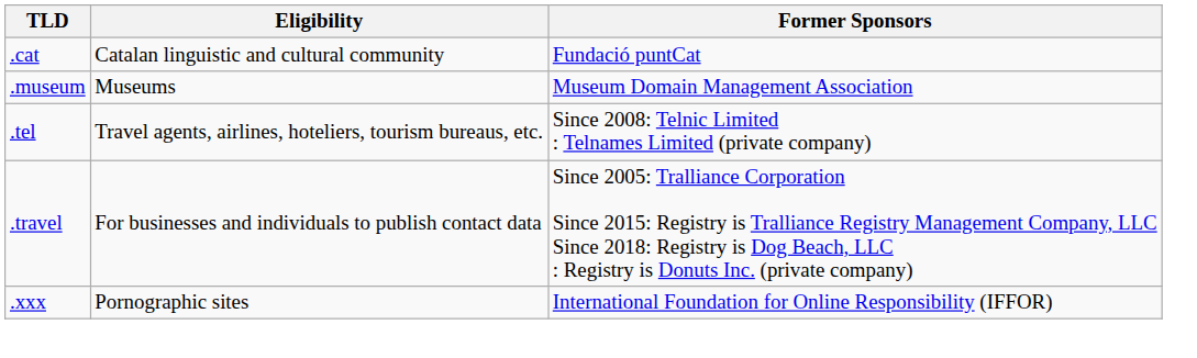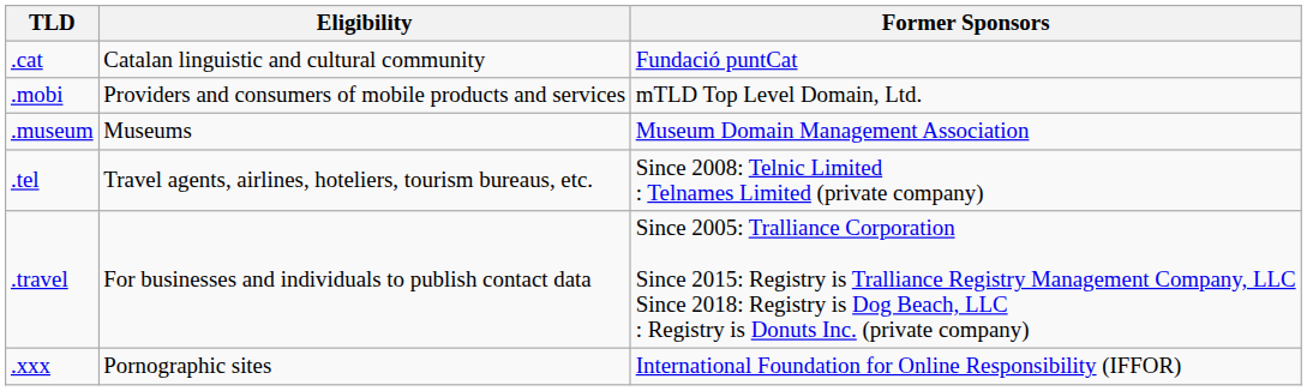 <table class="wikitable">
 <tr>
 <th>TLD</th>
 <th>Eligibility</th>
 <th>Former Sponsors</th>
 </tr>
 <tr>
 <td><a href='#'>.cat</a></td>
 <td>Catalan linguistic and cultural community</td>
 <td><a href='#'>Fundació puntCat</a></td>
+</tr>
+<tr>
+<td><a href='#'>.mobi</a></td>
+<td>Providers and consumers of mobile products and services</td>
+<td>mTLD Top Level Domain, Ltd.</td>
 </tr>
 <tr>
 <td><a href='#'>.museum</a></td>
 <td>Museums</td>
 <td><a href='#'>Museum Domain Management Association</a></td>
 </tr>
 <tr>
 <td><a href='#'>.tel</a></td>
 <td>Travel agents, airlines, hoteliers, tourism bureaus, etc.</td>
 <td>Since 2008: <a href='#'>Telnic Limited</a><br>: <a href='#'>Telnames Limited</a> (private company)</td>
 </tr>
 <tr>
 <td><a href='#'>.travel</a></td>
 <td>For businesses and individuals to publish contact data</td>
 <td>Since 2005: <a href='#'>Tralliance Corporation</a><br><br>Since 2015: Registry is <a href='#'>Tralliance Registry Management Company, LLC</a><br> Since 2018: Registry is <a href='#'>Dog Beach, LLC</a><br> : Registry is <a href='#'>Donuts Inc.</a> (private company)</td>
 </tr>
 <tr>
 <td><a href='#'>.xxx</a></td>
 <td>Pornographic sites</td>
 <td><a href='#'>International Foundation for Online Responsibility</a> (IFFOR)</td>
 </tr>
 </table>
